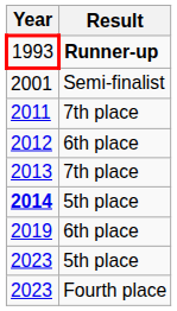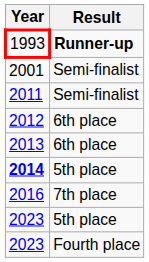 <table class="wikitable">
 <tr>
 <th>Year</th>
 <th>Result</th>
 </tr>
 <tr>
 <td style="border: 3px solid red">1993</td>
 <td><strong> Runner-up</strong></td>
 </tr>
 <tr>
 <td>2001</td>
 <td> Semi-finalist</td>
 </tr>
 <tr>
 <td><a href='#'>2011</a></td>
-<td>7th place</td>
+<td> Semi-finalist</td>
 </tr>
 <tr>
 <td><a href='#'>2012</a></td>
 <td>6th place</td>
 </tr>
 <tr>
 <td><a href='#'>2013</a></td>
-<td>7th place</td>
+<td>6th place</td>
 </tr>
 <tr>
 <td><strong><a href='#'>2014</a></strong></td>
 <td>5th place</td>
 </tr>
 <tr>
-<td><a href='#'>2019</a></td>
-<td>6th place</td>
+<td><a href='#'>2016</a></td>
+<td>7th place</td>
 </tr>
 <tr>
 <td><a href='#'>2023</a></td>
 <td>5th place</td>
 </tr>
 <tr>
 <td><a href='#'>2023</a></td>
 <td>Fourth place</td>
 </tr>
 </table>
